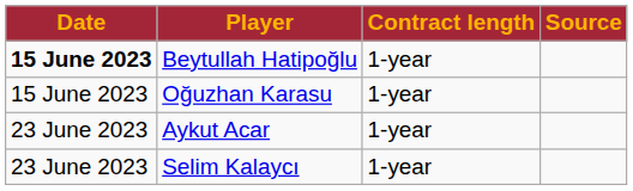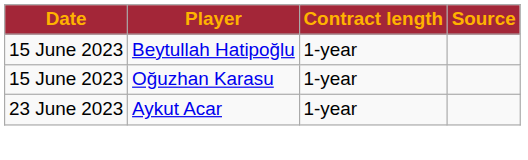 <table class="wikitable plainrowheaders sortable">
 <tr>
 <th style="background:#A32638; color:#FFB300; ">Date</th>
 <th style="background:#A32638; color:#FFB300; ">Player</th>
 <th style="background:#A32638; color:#FFB300; ">Contract length</th>
 <th style="background:#A32638; color:#FFB300; ">Source</th>
 </tr>
 <tr>
-<td><strong>15 June 2023</strong></td>
+<td>15 June 2023</td>
 <td align=left> <a href='#'>Beytullah Hatipoğlu</a></td>
 <td>1-year</td>
 <td></td>
 </tr>
 <tr>
 <td>15 June 2023</td>
 <td align=left> <a href='#'>Oğuzhan Karasu</a></td>
 <td>1-year</td>
 <td></td>
 </tr>
 <tr>
 <td>23 June 2023</td>
 <td align=left> <a href='#'>Aykut Acar</a></td>
 <td>1-year</td>
 <td></td>
 </tr>
-<tr>
-<td>23 June 2023</td>
-<td align=left> <a href='#'>Selim Kalaycı</a></td>
-<td>1-year</td>
-<td></td>
-</tr>
 </table>
